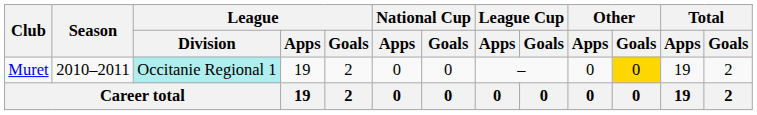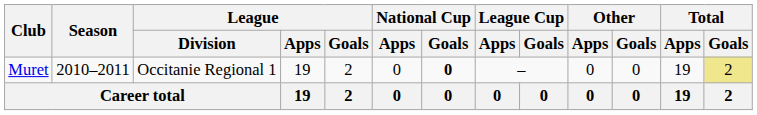 <table class="wikitable" style="text-align:center">
 <tr>
 <th rowspan="2">Club</th>
 <th rowspan="2">Season</th>
 <th colspan="3">League</th>
 <th colspan="2">National Cup</th>
 <th colspan="2">League Cup</th>
 <th colspan="2">Other</th>
 <th colspan="2">Total</th>
 </tr>
 <tr>
 <th>Division</th>
 <th>Apps</th>
 <th>Goals</th>
 <th>Apps</th>
 <th>Goals</th>
 <th>Apps</th>
 <th>Goals</th>
 <th>Apps</th>
 <th>Goals</th>
 <th>Apps</th>
 <th>Goals</th>
 </tr>
 <tr>
 <td><a href='#'>Muret</a></td>
 <td>2010–2011</td>
-<td style="background: paleturquoise;">Occitanie Regional 1</td>
+<td>Occitanie Regional 1</td>
 <td>19</td>
 <td>2</td>
 <td>0</td>
-<td>0</td>
+<td><strong>0</strong></td>
 <td colspan="2">–</td>
 <td>0</td>
-<td style="background: gold;">0</td>
+<td>0</td>
 <td>19</td>
-<td>2</td>
+<td style="background: khaki;">2</td>
 </tr>
 <tr>
 <th colspan="3">Career total</th>
 <th>19</th>
 <th>2</th>
 <th>0</th>
 <th>0</th>
 <th>0</th>
 <th>0</th>
 <th>0</th>
 <th>0</th>
 <th>19</th>
 <th>2</th>
 </tr>
 </table>
